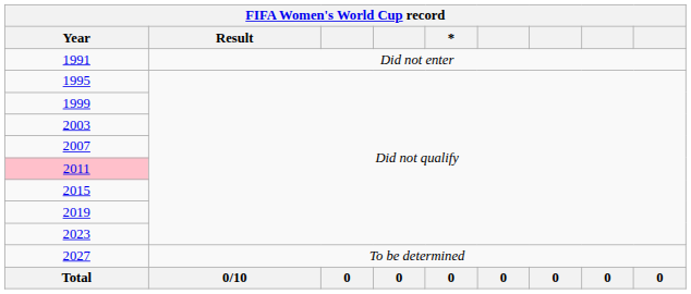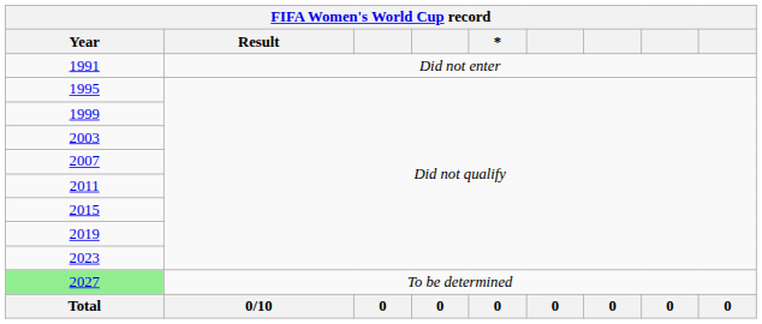 <table class="wikitable" style="text-align: center; width:50%;">
 <tr>
 <th colspan=10><a href='#'>FIFA Women's World Cup</a> record</th>
 </tr>
 <tr>
 <th>Year</th>
 <th>Result</th>
 <th></th>
 <th></th>
 <th>*</th>
 <th></th>
 <th></th>
 <th></th>
 <th></th>
 </tr>
 <tr>
 <td> <a href='#'>1991</a></td>
 <td rowspan=1 colspan=8><em>Did not enter</em></td>
 </tr>
 <tr>
 <td> <a href='#'>1995</a></td>
 <td colspan=8 rowspan=8><em>Did not qualify</em></td>
 </tr>
 <tr>
 <td> <a href='#'>1999</a></td>
 </tr>
 <tr>
 <td> <a href='#'>2003</a></td>
 </tr>
 <tr>
 <td> <a href='#'>2007</a></td>
 </tr>
 <tr>
-<td style="background: pink;"> <a href='#'>2011</a></td>
+<td> <a href='#'>2011</a></td>
 </tr>
 <tr>
 <td> <a href='#'>2015</a></td>
 </tr>
 <tr>
 <td> <a href='#'>2019</a></td>
 </tr>
 <tr>
 <td> <a href='#'>2023</a></td>
 </tr>
 <tr>
-<td> <a href='#'>2027</a></td>
+<td style="background: lightgreen;"> <a href='#'>2027</a></td>
 <td colspan=8><em>To be determined</em></td>
 </tr>
 <tr>
 <th>Total</th>
 <th>0/10</th>
 <th>0</th>
 <th>0</th>
 <th>0</th>
 <th>0</th>
 <th>0</th>
 <th>0</th>
 <th>0</th>
 </tr>
 </table>
